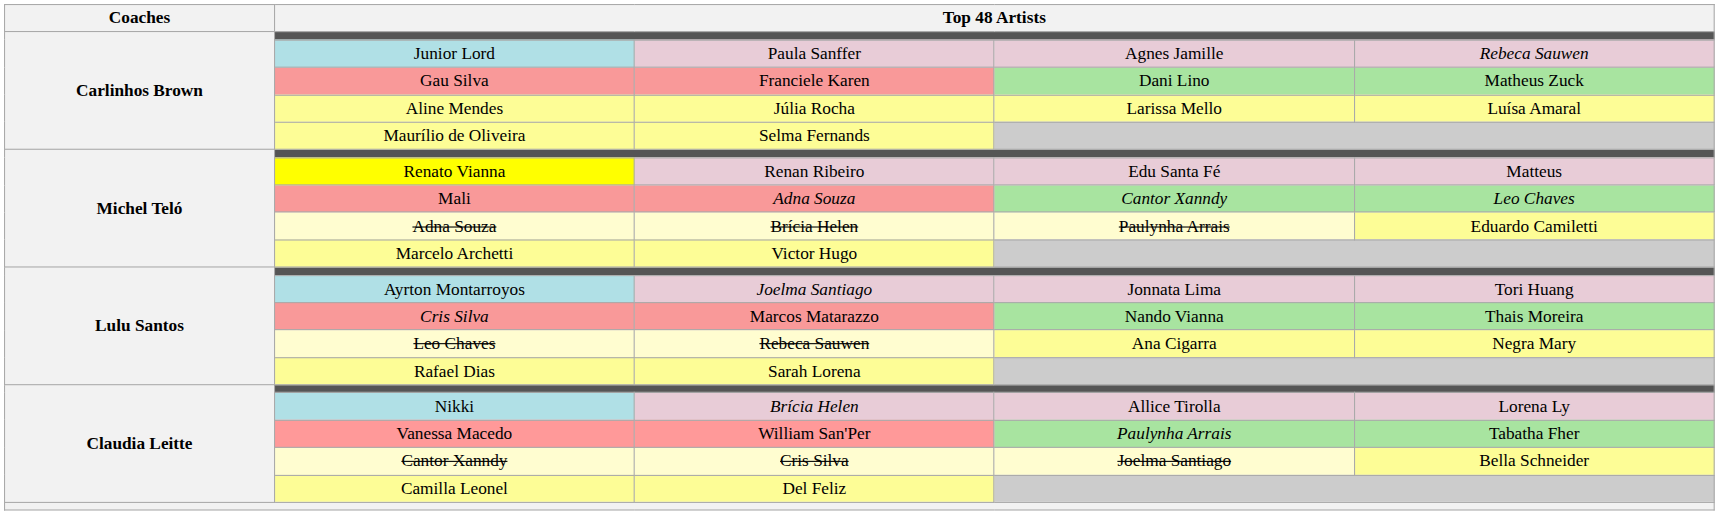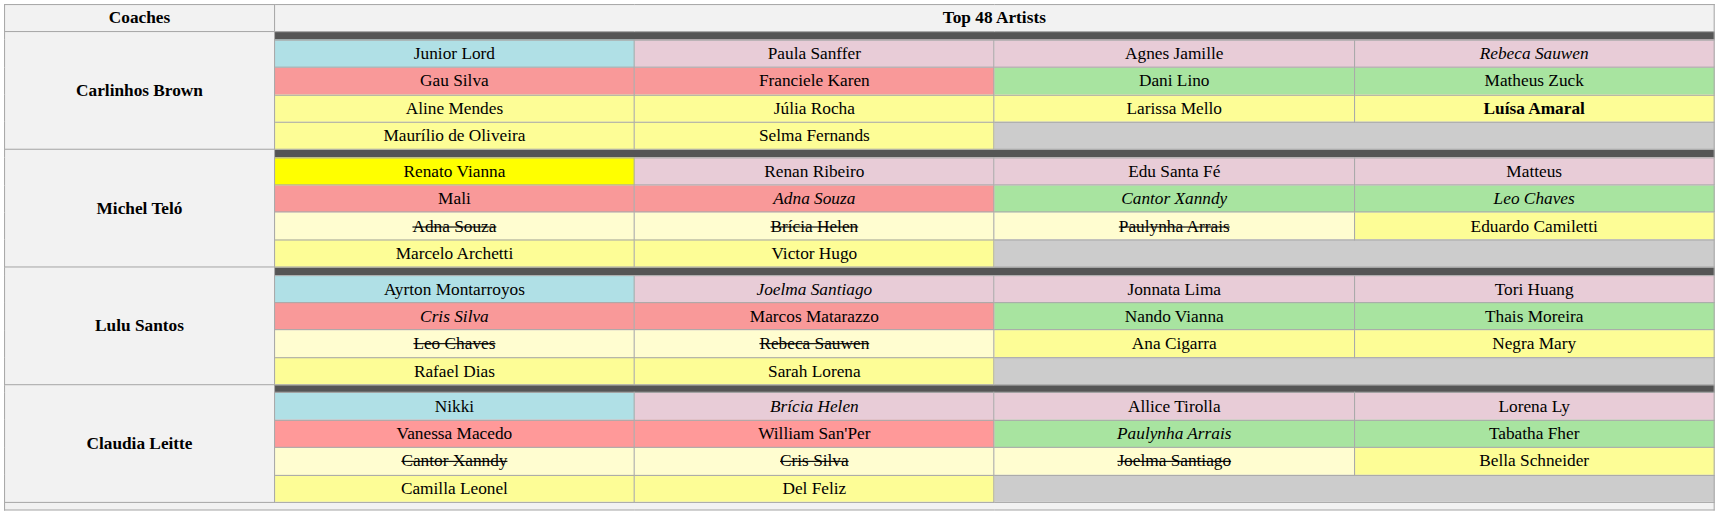 <table class="wikitable" style="text-align:center; width:100%;">
 <tr>
 <th width="15%">Coaches</th>
 <th width="85%" colspan="5">Top 48 Artists</th>
 </tr>
 <tr>
 <th rowspan=5>Carlinhos Brown</th>
 <td colspan=4 style="background:#555555;"></td>
 </tr>
 <tr>
 <td width="20%" bgcolor="B0E0E6">Junior Lord</td>
 <td width="20%" bgcolor="E8CCD7">Paula Sanffer</td>
 <td width="20%" bgcolor="E8CCD7">Agnes Jamille</td>
 <td width="20%" bgcolor="E8CCD7"><em>Rebeca Sauwen</em></td>
 </tr>
 <tr>
 <td bgcolor="F99999">Gau Silva</td>
 <td bgcolor="F99999">Franciele Karen</td>
 <td bgcolor="A8E4A0">Dani Lino</td>
 <td bgcolor="A8E4A0">Matheus Zuck</td>
 </tr>
 <tr>
 <td bgcolor="FDFD96">Aline Mendes</td>
 <td bgcolor="FDFD96">Júlia Rocha</td>
 <td bgcolor="FDFD96">Larissa Mello</td>
-<td bgcolor="FDFD96">Luísa Amaral</td>
+<td bgcolor="FDFD96"><strong>Luísa Amaral</strong></td>
 </tr>
 <tr>
 <td bgcolor="FDFD96">Maurílio de Oliveira</td>
 <td bgcolor="FDFD96">Selma Fernands</td>
 <td bgcolor="CCCCCC" colspan=2></td>
 </tr>
 <tr>
 <th rowspan=5>Michel Teló</th>
 <td colspan=4 style="background:#555555;"></td>
 </tr>
 <tr>
 <td bgcolor="FFFF00">Renato Vianna</td>
 <td bgcolor="E8CCD7">Renan Ribeiro</td>
 <td bgcolor="E8CCD7">Edu Santa Fé</td>
 <td bgcolor="E8CCD7">Matteus</td>
 </tr>
 <tr>
 <td bgcolor="F99999">Mali</td>
 <td bgcolor="F99999"><em>Adna Souza</em></td>
 <td bgcolor="A8E4A0"><em>Cantor Xanndy</em></td>
 <td bgcolor="A8E4A0"><em>Leo Chaves</em></td>
 </tr>
 <tr>
 <td bgcolor="FFFDD0"><s>Adna Souza</s></td>
 <td bgcolor="FFFDD0"><s>Brícia Helen</s></td>
 <td bgcolor="FFFDD0"><s>Paulynha Arrais</s></td>
 <td bgcolor="FDFD96">Eduardo Camiletti</td>
 </tr>
 <tr>
 <td bgcolor="FDFD96">Marcelo Archetti</td>
 <td bgcolor="FDFD96">Victor Hugo</td>
 <td bgcolor="CCCCCC" colspan=2></td>
 </tr>
 <tr>
 <th rowspan=5>Lulu Santos</th>
 <td colspan=4 style="background:#555555;"></td>
 </tr>
 <tr>
 <td bgcolor="B0E0E6">Ayrton Montarroyos</td>
 <td bgcolor="E8CCD7"><em>Joelma Santiago</em></td>
 <td bgcolor="E8CCD7">Jonnata Lima</td>
 <td bgcolor="E8CCD7">Tori Huang</td>
 </tr>
 <tr>
 <td bgcolor="F99999"><em>Cris Silva</em></td>
 <td bgcolor="F99999">Marcos Matarazzo</td>
 <td bgcolor="A8E4A0">Nando Vianna</td>
 <td bgcolor="A8E4A0">Thais Moreira</td>
 </tr>
 <tr>
 <td bgcolor="FFFDD0"><s>Leo Chaves</s></td>
 <td bgcolor="FFFDD0"><s>Rebeca Sauwen</s></td>
 <td bgcolor="FDFD96">Ana Cigarra</td>
 <td bgcolor="FDFD96">Negra Mary</td>
 </tr>
 <tr>
 <td bgcolor="FDFD96">Rafael Dias</td>
 <td bgcolor="FDFD96">Sarah Lorena</td>
 <td bgcolor="CCCCCC" colspan=2></td>
 </tr>
 <tr>
 <th rowspan=5>Claudia Leitte</th>
 <td colspan=4 style="background:#555555;"></td>
 </tr>
 <tr>
 <td bgcolor="B0E0E6">Nikki</td>
 <td bgcolor="E8CCD7"><em>Brícia Helen</em></td>
 <td bgcolor="E8CCD7">Allice Tirolla</td>
 <td bgcolor="E8CCD7">Lorena Ly</td>
 </tr>
 <tr>
 <td bgcolor="FF9999">Vanessa Macedo</td>
 <td bgcolor="FF9999">William San'Per</td>
 <td bgcolor="A8E4A0"><em>Paulynha Arrais</em></td>
 <td bgcolor="A8E4A0">Tabatha Fher</td>
 </tr>
 <tr>
 <td bgcolor="FFFDD0"><s>Cantor Xanndy</s></td>
 <td bgcolor="FFFDD0"><s>Cris Silva</s></td>
 <td bgcolor="FFFDD0"><s>Joelma Santiago </s></td>
 <td bgcolor="FDFD96">Bella Schneider</td>
 </tr>
 <tr>
 <td bgcolor="FDFD96">Camilla Leonel</td>
 <td bgcolor="FDFD96">Del Feliz</td>
 <td bgcolor="CCCCCC" colspan=2></td>
 </tr>
 <tr>
 <th style="font-size:90%; line-height:12px;" colspan=5><small></small></th>
 </tr>
 </table>
